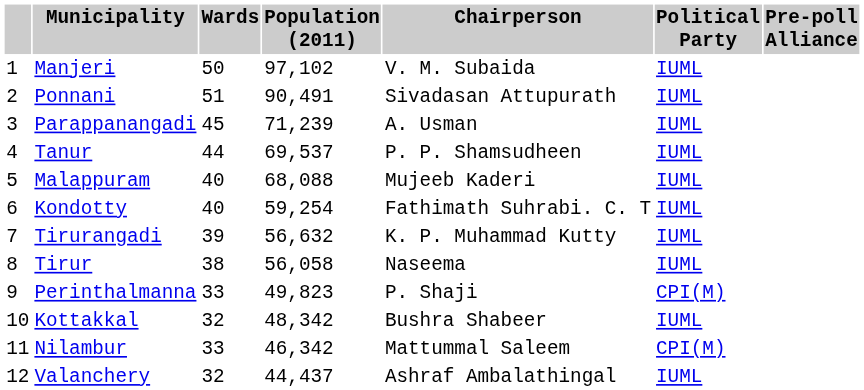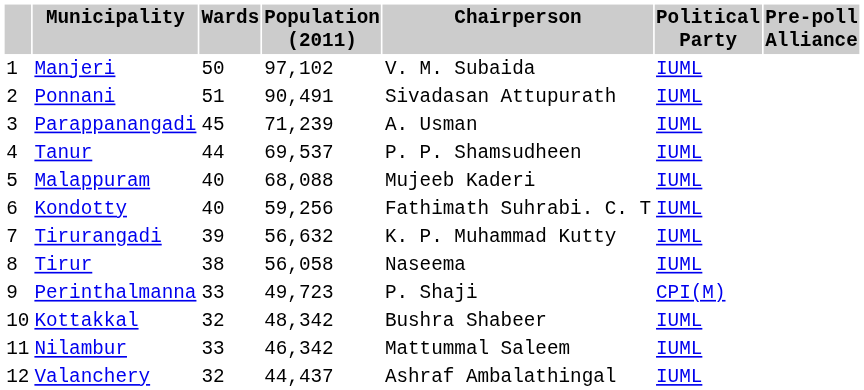 <table align="left" class="toccolours" cellspacing="1" cellpadding="1" style="margin-right: .5em; margin-top: .4em; font-size: 90%">
 <tr>
 </tr>
 <tr bgcolor="#cccccc" valign="top">
 <th></th>
 <th>Municipality</th>
 <th>Wards</th>
 <th>Population<br>(2011)</th>
 <th>Chairperson </th>
 <th>Political <br>Party</th>
 <th>Pre-poll<br>Alliance</th>
 </tr>
 <tr>
 <td>1</td>
 <td><a href='#'>Manjeri</a></td>
 <td>50</td>
 <td>97,102</td>
 <td>V. M. Subaida</td>
 <td style="background-color:"><a href='#'><span>IUML</span></a></td>
 <td></td>
 </tr>
 <tr>
 <td>2</td>
 <td><a href='#'>Ponnani</a></td>
 <td>51</td>
 <td>90,491</td>
 <td>Sivadasan Attupurath</td>
 <td style="background-color:"><a href='#'><span>IUML</span></a></td>
 <td></td>
 </tr>
 <tr>
 <td>3</td>
 <td><a href='#'>Parappanangadi</a></td>
 <td>45</td>
 <td>71,239</td>
 <td>A. Usman</td>
 <td style="background-color:"><a href='#'><span>IUML</span></a></td>
 <td></td>
 </tr>
 <tr>
 <td>4</td>
 <td><a href='#'>Tanur</a></td>
 <td>44</td>
 <td>69,537</td>
 <td>P. P. Shamsudheen</td>
 <td style="background-color:"><a href='#'><span>IUML</span></a></td>
 <td></td>
 </tr>
 <tr>
 <td>5</td>
 <td><a href='#'>Malappuram</a></td>
 <td>40</td>
 <td>68,088</td>
 <td>Mujeeb Kaderi</td>
 <td style="background-color:"><a href='#'><span>IUML</span></a></td>
 <td></td>
 </tr>
 <tr>
 <td>6</td>
 <td><a href='#'>Kondotty</a></td>
 <td>40</td>
-<td>59,254</td>
+<td>59,256</td>
 <td>Fathimath Suhrabi. C. T</td>
 <td style="background-color:"><a href='#'><span>IUML</span></a></td>
 <td></td>
 </tr>
 <tr>
 <td>7</td>
 <td><a href='#'>Tirurangadi</a></td>
 <td>39</td>
 <td>56,632</td>
 <td>K. P. Muhammad Kutty</td>
 <td style="background-color:"><a href='#'><span>IUML</span></a></td>
 <td></td>
 </tr>
 <tr>
 <td>8</td>
 <td><a href='#'>Tirur</a></td>
 <td>38</td>
 <td>56,058</td>
 <td>Naseema</td>
 <td style="background-color:"><a href='#'><span>IUML</span></a></td>
 <td></td>
 </tr>
 <tr>
 <td>9</td>
 <td><a href='#'>Perinthalmanna</a></td>
 <td>33</td>
-<td>49,823</td>
+<td>49,723</td>
 <td>P. Shaji</td>
 <td style="background-color:"><a href='#'><span>CPI(M)</span></a></td>
 <td></td>
 </tr>
 <tr>
 <td>10</td>
 <td><a href='#'>Kottakkal</a></td>
 <td>32</td>
 <td>48,342</td>
 <td>Bushra Shabeer</td>
 <td style="background-color:"><a href='#'><span>IUML</span></a></td>
 <td></td>
 </tr>
 <tr>
 <td>11</td>
 <td><a href='#'>Nilambur</a></td>
 <td>33</td>
 <td>46,342</td>
 <td>Mattummal Saleem</td>
-<td style="background-color:"><a href='#'><span>CPI(M)</span></a></td>
+<td style="background-color:"><a href='#'><span>IUML</span></a></td>
 <td></td>
 </tr>
 <tr>
 <td>12</td>
 <td><a href='#'>Valanchery</a></td>
 <td>32</td>
 <td>44,437</td>
 <td>Ashraf Ambalathingal</td>
 <td style="background-color:"><a href='#'><span>IUML</span></a></td>
 <td></td>
 </tr>
 </table>
